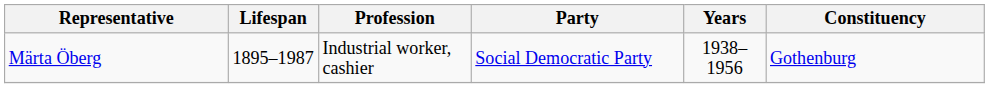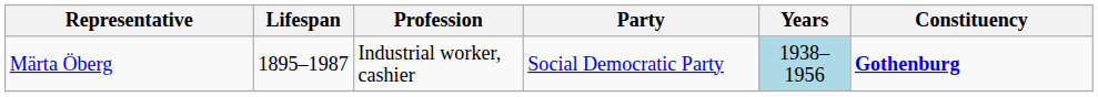 <table class="wikitable">
 <tr>
 <th style="width:15em">Representative</th>
 <th style="width:5em">Lifespan</th>
 <th style="width:10em">Profession</th>
 <th style="width:15em">Party</th>
 <th style="width:5em">Years</th>
 <th style="width:15em">Constituency</th>
 </tr>
 <tr>
 <td><a href='#'>Märta Öberg</a></td>
 <td align=center>1895–1987</td>
 <td>Industrial worker, cashier</td>
 <td> <a href='#'>Social Democratic Party</a></td>
-<td align=center>1938–1956</td>
-<td><a href='#'>Gothenburg</a></td>
+<td align=center style="background: lightblue;">1938–1956</td>
+<td><strong><a href='#'>Gothenburg</a></strong></td>
 </tr>
 <tr>
 </tr>
 </table>
